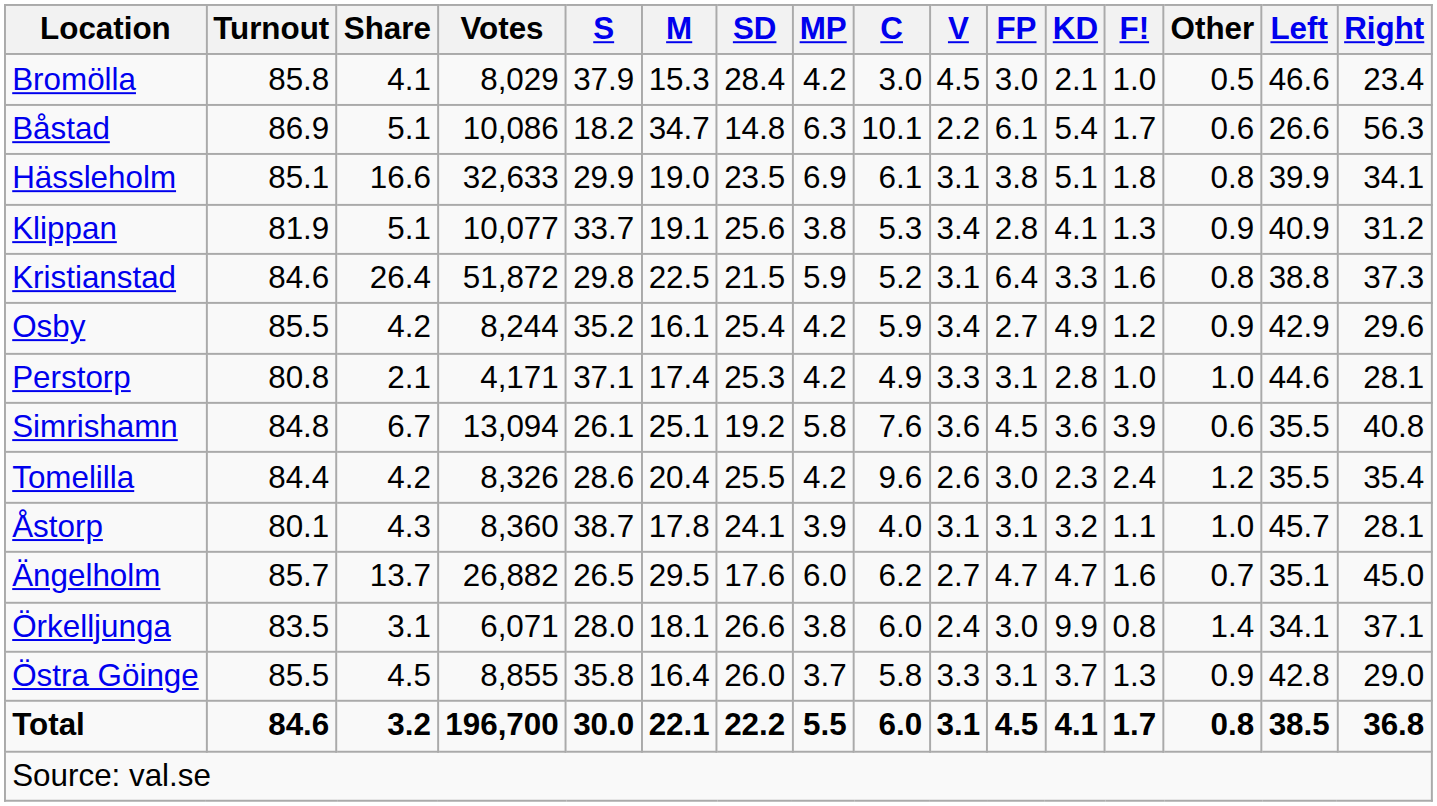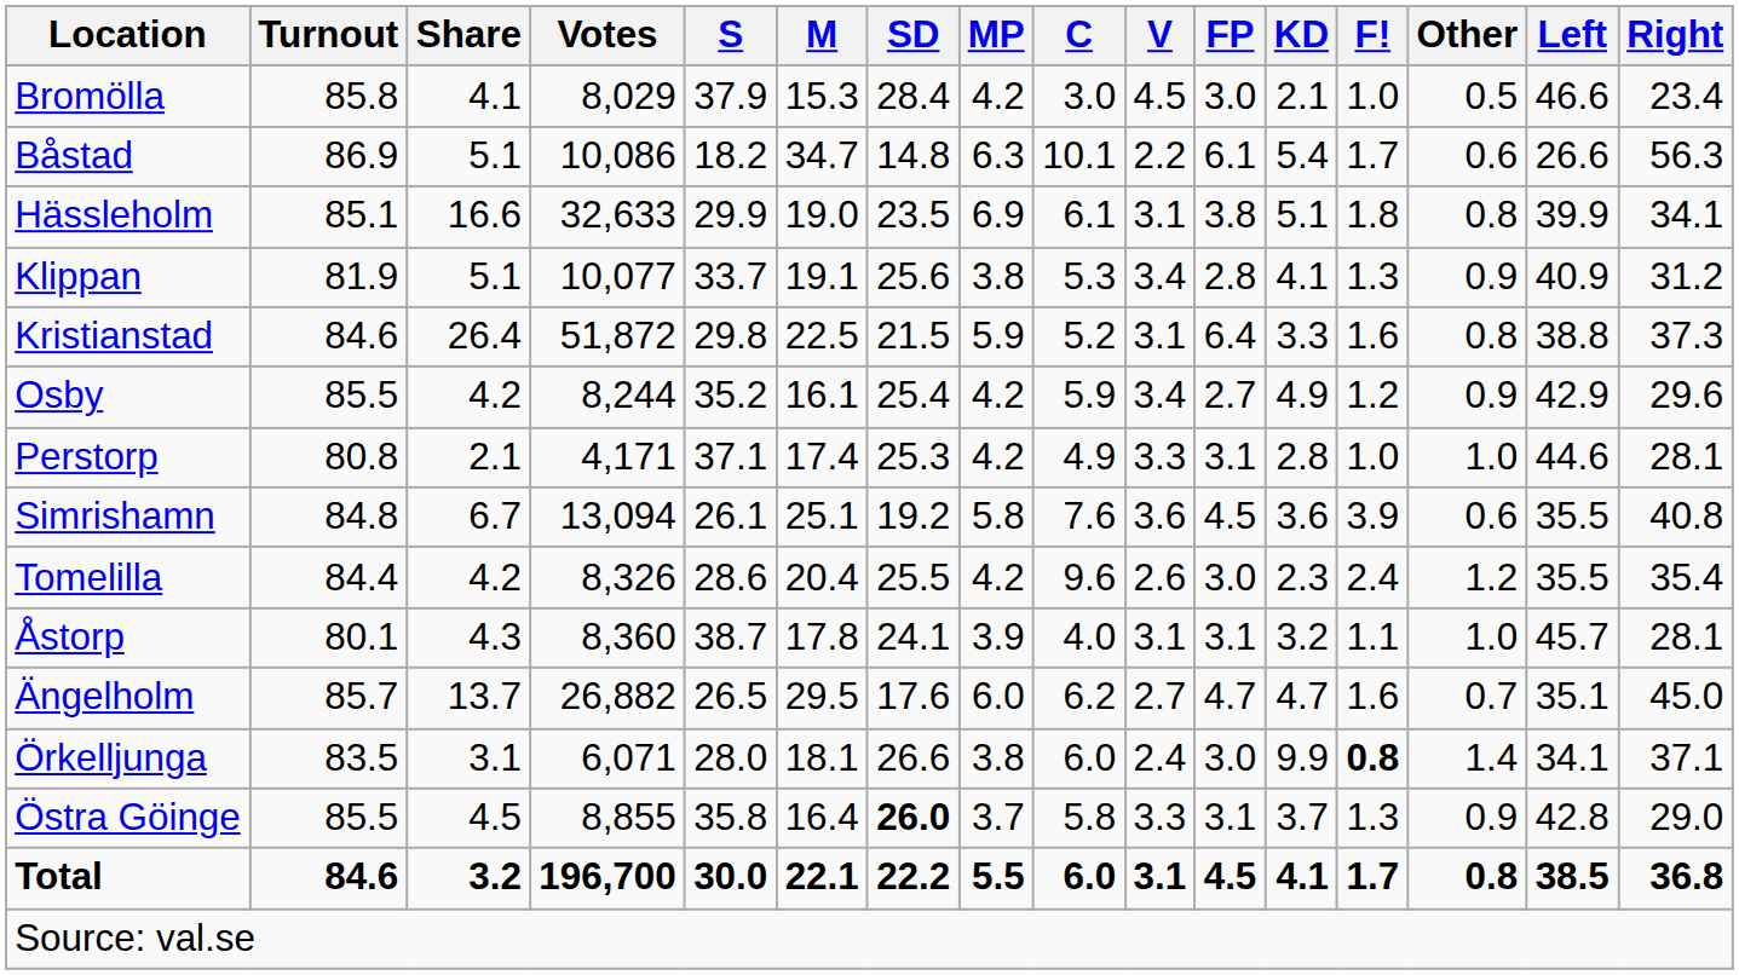 <table class="wikitable sortable" style=text-align:right>
 <tr>
 <th>Location</th>
 <th>Turnout</th>
 <th>Share</th>
 <th>Votes</th>
 <th><a href='#'>S</a></th>
 <th><a href='#'>M</a></th>
 <th><a href='#'>SD</a></th>
 <th><a href='#'>MP</a></th>
 <th><a href='#'>C</a></th>
 <th><a href='#'>V</a></th>
 <th><a href='#'>FP</a></th>
 <th><a href='#'>KD</a></th>
 <th><a href='#'>F!</a></th>
 <th>Other</th>
 <th><a href='#'>Left</a></th>
 <th><a href='#'>Right</a></th>
 </tr>
 <tr>
 <td align=left><a href='#'>Bromölla</a></td>
 <td>85.8</td>
 <td>4.1</td>
 <td>8,029</td>
 <td>37.9</td>
 <td>15.3</td>
 <td>28.4</td>
 <td>4.2</td>
 <td>3.0</td>
 <td>4.5</td>
 <td>3.0</td>
 <td>2.1</td>
 <td>1.0</td>
 <td>0.5</td>
 <td>46.6</td>
 <td>23.4</td>
 </tr>
 <tr>
 <td align=left><a href='#'>Båstad</a></td>
 <td>86.9</td>
 <td>5.1</td>
 <td>10,086</td>
 <td>18.2</td>
 <td>34.7</td>
 <td>14.8</td>
 <td>6.3</td>
 <td>10.1</td>
 <td>2.2</td>
 <td>6.1</td>
 <td>5.4</td>
 <td>1.7</td>
 <td>0.6</td>
 <td>26.6</td>
 <td>56.3</td>
 </tr>
 <tr>
 <td align=left><a href='#'>Hässleholm</a></td>
 <td>85.1</td>
 <td>16.6</td>
 <td>32,633</td>
 <td>29.9</td>
 <td>19.0</td>
 <td>23.5</td>
 <td>6.9</td>
 <td>6.1</td>
 <td>3.1</td>
 <td>3.8</td>
 <td>5.1</td>
 <td>1.8</td>
 <td>0.8</td>
 <td>39.9</td>
 <td>34.1</td>
 </tr>
 <tr>
 <td align=left><a href='#'>Klippan</a></td>
 <td>81.9</td>
 <td>5.1</td>
 <td>10,077</td>
 <td>33.7</td>
 <td>19.1</td>
 <td>25.6</td>
 <td>3.8</td>
 <td>5.3</td>
 <td>3.4</td>
 <td>2.8</td>
 <td>4.1</td>
 <td>1.3</td>
 <td>0.9</td>
 <td>40.9</td>
 <td>31.2</td>
 </tr>
 <tr>
 <td align=left><a href='#'>Kristianstad</a></td>
 <td>84.6</td>
 <td>26.4</td>
 <td>51,872</td>
 <td>29.8</td>
 <td>22.5</td>
 <td>21.5</td>
 <td>5.9</td>
 <td>5.2</td>
 <td>3.1</td>
 <td>6.4</td>
 <td>3.3</td>
 <td>1.6</td>
 <td>0.8</td>
 <td>38.8</td>
 <td>37.3</td>
 </tr>
 <tr>
 <td align=left><a href='#'>Osby</a></td>
 <td>85.5</td>
 <td>4.2</td>
 <td>8,244</td>
 <td>35.2</td>
 <td>16.1</td>
 <td>25.4</td>
 <td>4.2</td>
 <td>5.9</td>
 <td>3.4</td>
 <td>2.7</td>
 <td>4.9</td>
 <td>1.2</td>
 <td>0.9</td>
 <td>42.9</td>
 <td>29.6</td>
 </tr>
 <tr>
 <td align=left><a href='#'>Perstorp</a></td>
 <td>80.8</td>
 <td>2.1</td>
 <td>4,171</td>
 <td>37.1</td>
 <td>17.4</td>
 <td>25.3</td>
 <td>4.2</td>
 <td>4.9</td>
 <td>3.3</td>
 <td>3.1</td>
 <td>2.8</td>
 <td>1.0</td>
 <td>1.0</td>
 <td>44.6</td>
 <td>28.1</td>
 </tr>
 <tr>
 <td align=left><a href='#'>Simrishamn</a></td>
 <td>84.8</td>
 <td>6.7</td>
 <td>13,094</td>
 <td>26.1</td>
 <td>25.1</td>
 <td>19.2</td>
 <td>5.8</td>
 <td>7.6</td>
 <td>3.6</td>
 <td>4.5</td>
 <td>3.6</td>
 <td>3.9</td>
 <td>0.6</td>
 <td>35.5</td>
 <td>40.8</td>
 </tr>
 <tr>
 <td align=left><a href='#'>Tomelilla</a></td>
 <td>84.4</td>
 <td>4.2</td>
 <td>8,326</td>
 <td>28.6</td>
 <td>20.4</td>
 <td>25.5</td>
 <td>4.2</td>
 <td>9.6</td>
 <td>2.6</td>
 <td>3.0</td>
 <td>2.3</td>
 <td>2.4</td>
 <td>1.2</td>
 <td>35.5</td>
 <td>35.4</td>
 </tr>
 <tr>
 <td align=left><a href='#'>Åstorp</a></td>
 <td>80.1</td>
 <td>4.3</td>
 <td>8,360</td>
 <td>38.7</td>
 <td>17.8</td>
 <td>24.1</td>
 <td>3.9</td>
 <td>4.0</td>
 <td>3.1</td>
 <td>3.1</td>
 <td>3.2</td>
 <td>1.1</td>
 <td>1.0</td>
 <td>45.7</td>
 <td>28.1</td>
 </tr>
 <tr>
 <td align=left><a href='#'>Ängelholm</a></td>
 <td>85.7</td>
 <td>13.7</td>
 <td>26,882</td>
 <td>26.5</td>
 <td>29.5</td>
 <td>17.6</td>
 <td>6.0</td>
 <td>6.2</td>
 <td>2.7</td>
 <td>4.7</td>
 <td>4.7</td>
 <td>1.6</td>
 <td>0.7</td>
 <td>35.1</td>
 <td>45.0</td>
 </tr>
 <tr>
 <td align=left><a href='#'>Örkelljunga</a></td>
 <td>83.5</td>
 <td>3.1</td>
 <td>6,071</td>
 <td>28.0</td>
 <td>18.1</td>
 <td>26.6</td>
 <td>3.8</td>
 <td>6.0</td>
 <td>2.4</td>
 <td>3.0</td>
 <td>9.9</td>
-<td>0.8</td>
+<td><strong>0.8</strong></td>
 <td>1.4</td>
 <td>34.1</td>
 <td>37.1</td>
 </tr>
 <tr>
 <td align=left><a href='#'>Östra Göinge</a></td>
 <td>85.5</td>
 <td>4.5</td>
 <td>8,855</td>
 <td>35.8</td>
 <td>16.4</td>
-<td>26.0</td>
+<td><strong>26.0</strong></td>
 <td>3.7</td>
 <td>5.8</td>
 <td>3.3</td>
 <td>3.1</td>
 <td>3.7</td>
 <td>1.3</td>
 <td>0.9</td>
 <td>42.8</td>
 <td>29.0</td>
 </tr>
 <tr>
 <td align=left><strong>Total</strong></td>
 <td><strong>84.6</strong></td>
 <td><strong>3.2</strong></td>
 <td><strong>196,700</strong></td>
 <td><strong>30.0</strong></td>
 <td><strong>22.1</strong></td>
 <td><strong>22.2</strong></td>
 <td><strong>5.5</strong></td>
 <td><strong>6.0</strong></td>
 <td><strong>3.1</strong></td>
 <td><strong>4.5</strong></td>
 <td><strong>4.1</strong></td>
 <td><strong>1.7</strong></td>
 <td><strong>0.8</strong></td>
 <td><strong>38.5</strong></td>
 <td><strong>36.8</strong></td>
 </tr>
 <tr>
 <td align=left colspan=16>Source: val.se </td>
 </tr>
 </table>
